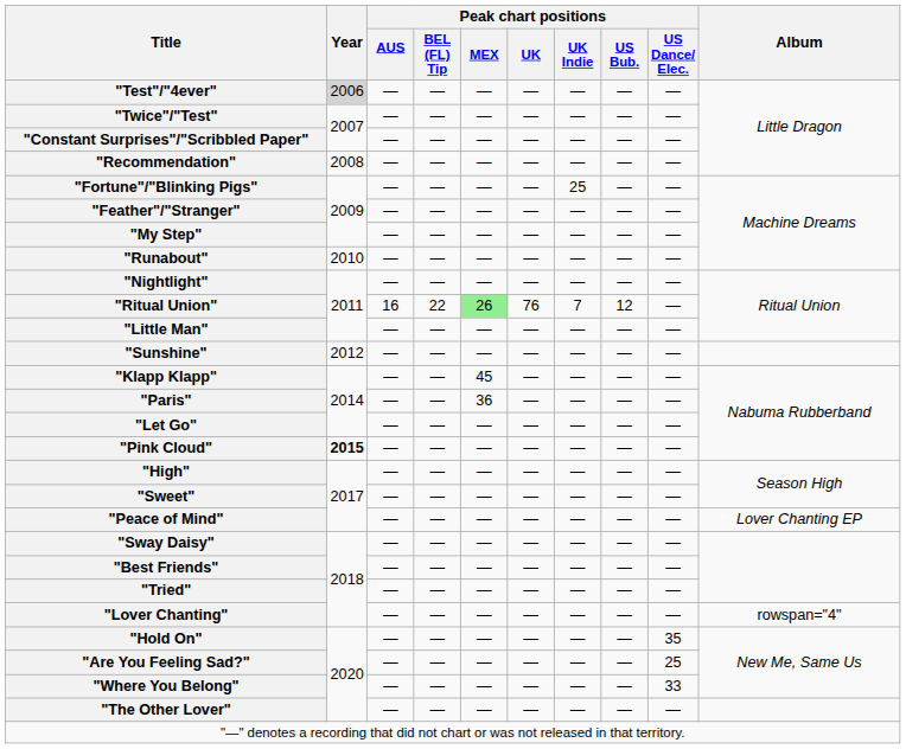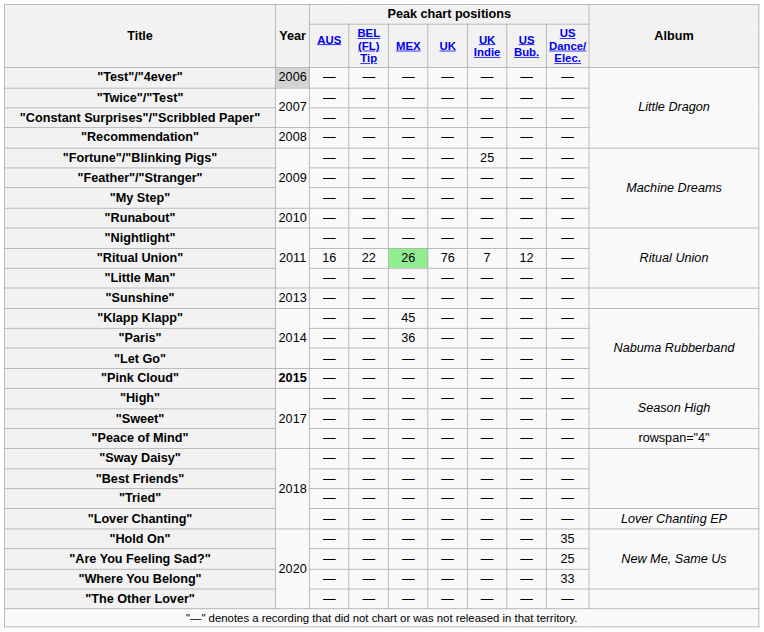 <table class="wikitable plainrowheaders" style="text-align:center">
 <tr>
 <th scope="col" rowspan="2" style="width:21em;">Title</th>
 <th scope="col" rowspan="2" style="width:1em;">Year</th>
 <th scope="col" colspan="7">Peak chart positions</th>
 <th scope="col" rowspan="2" style="width:13em;">Album</th>
 </tr>
 <tr>
 <th scope="col" style="width:3em;font-size:90%;"><a href='#'>AUS<br></a><br></th>
 <th scope="col" style="width:3em;font-size:90%;"><a href='#'>BEL<br>(FL)<br>Tip</a><br></th>
 <th scope="col" style="width:3em;font-size:90%;"><a href='#'>MEX</a><br></th>
 <th scope="col" style="width:3em;font-size:90%;"><a href='#'>UK</a><br></th>
 <th scope="col" style="width:3em;font-size:90%;"><a href='#'>UK<br>Indie</a><br></th>
 <th scope="col" style="width:3em;font-size:90%;"><a href='#'>US<br>Bub.</a><br></th>
 <th scope="col" style="width:3em;font-size:90%;"><a href='#'>US<br>Dance/<br>Elec.</a><br></th>
 </tr>
 <tr>
 <th scope="row">"Test"/"4ever"</th>
 <td style="background: lightgrey;">2006</td>
 <td>—</td>
 <td>—</td>
 <td>—</td>
 <td>—</td>
 <td>—</td>
 <td>—</td>
 <td>—</td>
 <td rowspan="4"><em>Little Dragon</em></td>
 </tr>
 <tr>
 <th scope="row">"Twice"/"Test"</th>
 <td rowspan="2">2007</td>
 <td>—</td>
 <td>—</td>
 <td>—</td>
 <td>—</td>
 <td>—</td>
 <td>—</td>
 <td>—</td>
 </tr>
 <tr>
 <th scope="row">"Constant Surprises"/"Scribbled Paper"</th>
 <td>—</td>
 <td>—</td>
 <td>—</td>
 <td>—</td>
 <td>—</td>
 <td>—</td>
 <td>—</td>
 </tr>
 <tr>
 <th scope="row">"Recommendation"</th>
 <td>2008</td>
 <td>—</td>
 <td>—</td>
 <td>—</td>
 <td>—</td>
 <td>—</td>
 <td>—</td>
 <td>—</td>
 </tr>
 <tr>
 <th scope="row">"Fortune"/"Blinking Pigs"</th>
 <td rowspan="3">2009</td>
 <td>—</td>
 <td>—</td>
 <td>—</td>
 <td>—</td>
 <td>25</td>
 <td>—</td>
 <td>—</td>
 <td rowspan="4"><em>Machine Dreams</em></td>
 </tr>
 <tr>
 <th scope="row">"Feather"/"Stranger"</th>
 <td>—</td>
 <td>—</td>
 <td>—</td>
 <td>—</td>
 <td>—</td>
 <td>—</td>
 <td>—</td>
 </tr>
 <tr>
 <th scope="row">"My Step"</th>
 <td>—</td>
 <td>—</td>
 <td>—</td>
 <td>—</td>
 <td>—</td>
 <td>—</td>
 <td>—</td>
 </tr>
 <tr>
 <th scope="row">"Runabout"</th>
 <td>2010</td>
 <td>—</td>
 <td>—</td>
 <td>—</td>
 <td>—</td>
 <td>—</td>
 <td>—</td>
 <td>—</td>
 </tr>
 <tr>
 <th scope="row">"Nightlight"</th>
 <td rowspan="3">2011</td>
 <td>—</td>
 <td>—</td>
 <td>—</td>
 <td>—</td>
 <td>—</td>
 <td>—</td>
 <td>—</td>
 <td rowspan="3"><em>Ritual Union</em></td>
 </tr>
 <tr>
 <th scope="row">"Ritual Union"</th>
 <td>16</td>
 <td>22</td>
 <td style="background: lightgreen;">26</td>
 <td>76</td>
 <td>7</td>
 <td>12</td>
 <td>—</td>
 </tr>
 <tr>
 <th scope="row">"Little Man"</th>
 <td>—</td>
 <td>—</td>
 <td>—</td>
 <td>—</td>
 <td>—</td>
 <td>—</td>
 <td>—</td>
 </tr>
 <tr>
 <th scope="row">"Sunshine"</th>
-<td>2012</td>
+<td>2013</td>
 <td>—</td>
 <td>—</td>
 <td>—</td>
 <td>—</td>
 <td>—</td>
 <td>—</td>
 <td>—</td>
 <td></td>
 </tr>
 <tr>
 <th scope="row">"Klapp Klapp"</th>
 <td rowspan="3">2014</td>
 <td>—</td>
 <td>—</td>
 <td>45</td>
 <td>—</td>
 <td>—</td>
 <td>—</td>
 <td>—</td>
 <td rowspan="4"><em>Nabuma Rubberband</em></td>
 </tr>
 <tr>
 <th scope="row">"Paris"</th>
 <td>—</td>
 <td>—</td>
 <td>36</td>
 <td>—</td>
 <td>—</td>
 <td>—</td>
 <td>—</td>
 </tr>
 <tr>
 <th scope="row">"Let Go"</th>
 <td>—</td>
 <td>—</td>
 <td>—</td>
 <td>—</td>
 <td>—</td>
 <td>—</td>
 <td>—</td>
 </tr>
 <tr>
 <th scope="row">"Pink Cloud"</th>
 <td><strong>2015</strong></td>
 <td>—</td>
 <td>—</td>
 <td>—</td>
 <td>—</td>
 <td>—</td>
 <td>—</td>
 <td>—</td>
 </tr>
 <tr>
 <th scope="row">"High"</th>
 <td rowspan="3">2017</td>
 <td>—</td>
 <td>—</td>
 <td>—</td>
 <td>—</td>
 <td>—</td>
 <td>—</td>
 <td>—</td>
 <td rowspan="2"><em>Season High</em></td>
 </tr>
 <tr>
 <th scope="row">"Sweet"</th>
 <td>—</td>
 <td>—</td>
 <td>—</td>
 <td>—</td>
 <td>—</td>
 <td>—</td>
 <td>—</td>
 </tr>
 <tr>
 <th scope="row">"Peace of Mind"<br></th>
 <td>—</td>
 <td>—</td>
 <td>—</td>
 <td>—</td>
 <td>—</td>
 <td>—</td>
 <td>—</td>
-<td><em>Lover Chanting EP</em></td>
+<td>rowspan="4" </td>
 </tr>
 <tr>
 <th scope="row">"Sway Daisy"</th>
 <td rowspan="4">2018</td>
 <td>—</td>
 <td>—</td>
 <td>—</td>
 <td>—</td>
 <td>—</td>
 <td>—</td>
 <td>—</td>
 </tr>
 <tr>
 <th scope="row">"Best Friends"</th>
 <td>—</td>
 <td>—</td>
 <td>—</td>
 <td>—</td>
 <td>—</td>
 <td>—</td>
 <td>—</td>
 </tr>
 <tr>
 <th scope="row">"Tried"<br></th>
 <td>—</td>
 <td>—</td>
 <td>—</td>
 <td>—</td>
 <td>—</td>
 <td>—</td>
 <td>—</td>
 </tr>
 <tr>
 <th scope="row">"Lover Chanting"</th>
 <td>—</td>
 <td>—</td>
 <td>—</td>
 <td>—</td>
 <td>—</td>
 <td>—</td>
 <td>—</td>
-<td>rowspan="4" </td>
+<td><em>Lover Chanting EP</em></td>
 </tr>
 <tr>
 <th scope="row">"Hold On"</th>
 <td rowspan="4">2020</td>
 <td>—</td>
 <td>—</td>
 <td>—</td>
 <td>—</td>
 <td>—</td>
 <td>—</td>
 <td>35</td>
 <td rowspan="3"><em>New Me, Same Us</em></td>
 </tr>
 <tr>
 <th scope="row">"Are You Feeling Sad?"<br></th>
 <td>—</td>
 <td>—</td>
 <td>—</td>
 <td>—</td>
 <td>—</td>
 <td>—</td>
 <td>25</td>
 </tr>
 <tr>
 <th scope="row">"Where You Belong"</th>
 <td>—</td>
 <td>—</td>
 <td>—</td>
 <td>—</td>
 <td>—</td>
 <td>—</td>
 <td>33</td>
 </tr>
 <tr>
 <th scope="row">"The Other Lover"<br></th>
 <td>—</td>
 <td>—</td>
 <td>—</td>
 <td>—</td>
 <td>—</td>
 <td>—</td>
 <td>—</td>
 <td></td>
 </tr>
 <tr>
 <td colspan="12" style="font-size:90%">"—" denotes a recording that did not chart or was not released in that territory.</td>
 </tr>
 </table>
